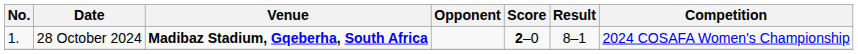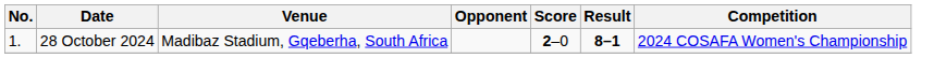 <table class="wikitable">
 <tr>
 <th>No.</th>
 <th>Date</th>
 <th>Venue</th>
 <th>Opponent</th>
 <th>Score</th>
 <th>Result</th>
 <th>Competition</th>
 </tr>
 <tr>
 <td>1.</td>
 <td>28 October 2024</td>
-<td><strong>Madibaz Stadium, <a href='#'>Gqeberha</a>, <a href='#'>South Africa</a></strong></td>
+<td>Madibaz Stadium, <a href='#'>Gqeberha</a>, <a href='#'>South Africa</a></td>
 <td></td>
 <td align="center"><strong>2</strong>–0</td>
-<td align="center">8–1</td>
+<td align="center"><strong>8–1</strong></td>
 <td><a href='#'>2024 COSAFA Women's Championship</a></td>
 </tr>
 <tr>
 </tr>
 </table>
